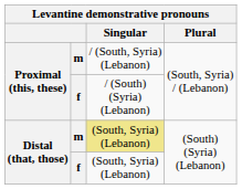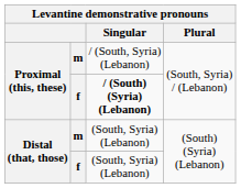 <table class="wikitable" style="text-align:center;">
 <tr>
 <th colspan="4">Levantine demonstrative pronouns</th>
 </tr>
 <tr>
 <th colspan="2"></th>
 <th>Singular</th>
 <th>Plural</th>
 </tr>
 <tr>
 <th rowspan="2">Proximal<br>(this, these)</th>
 <th>m</th>
 <td>  /   (South, Syria)<br>  (Lebanon)</td>
 <td rowspan="2">  (South, Syria)<br>  /   (Lebanon)</td>
 </tr>
 <tr>
 <th>f</th>
-<td>  /   (South)<br>  (Syria)<br>  (Lebanon)</td>
+<td><strong>  /   (South)<br>  (Syria)<br>  (Lebanon)</strong></td>
 </tr>
 <tr>
 <th rowspan="2">Distal<br>(that, those)</th>
 <th>m</th>
-<td style="background: khaki;">  (South, Syria)<br>  (Lebanon)</td>
+<td>  (South, Syria)<br>  (Lebanon)</td>
 <td rowspan="2">  (South)<br>  (Syria)<br>  (Lebanon)</td>
 </tr>
 <tr>
 <th>f</th>
 <td>  (South, Syria)<br>  (Lebanon)</td>
 </tr>
 </table>
